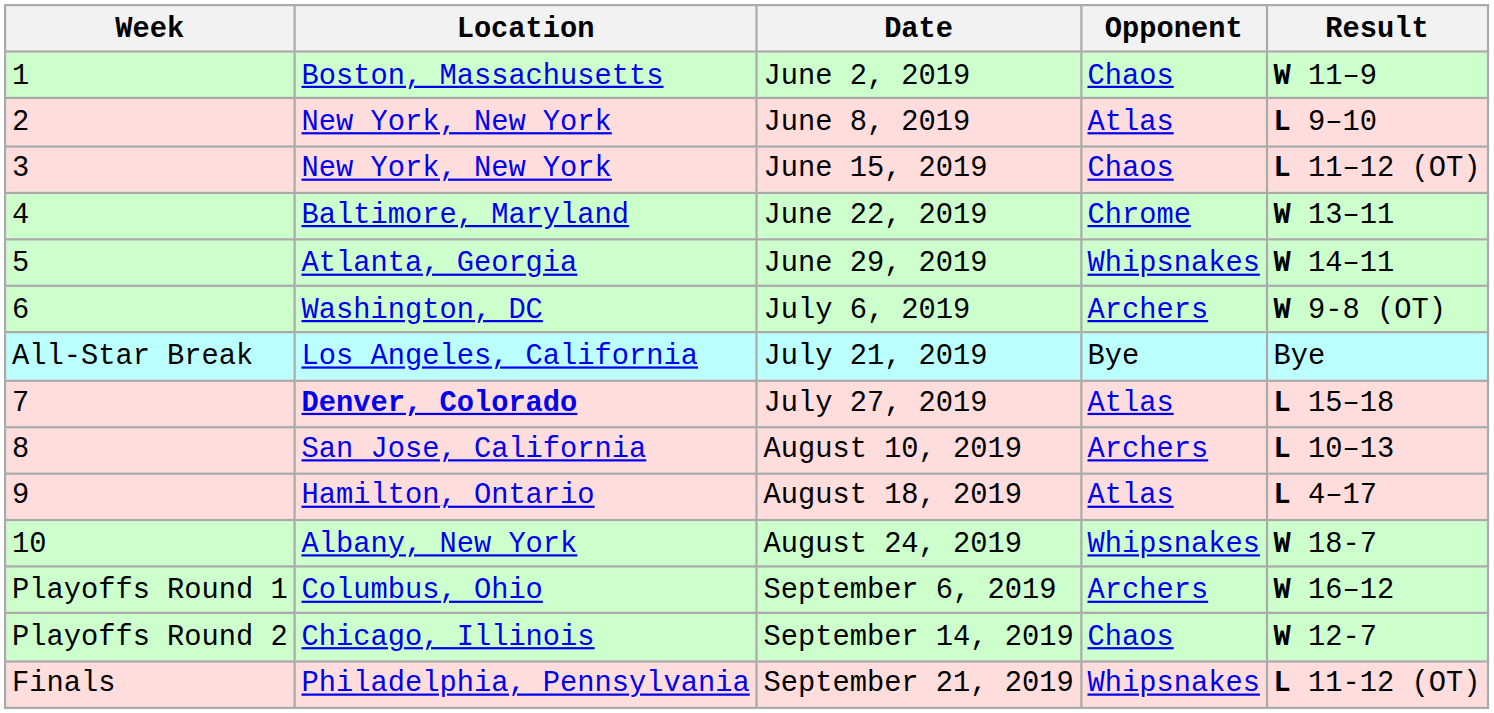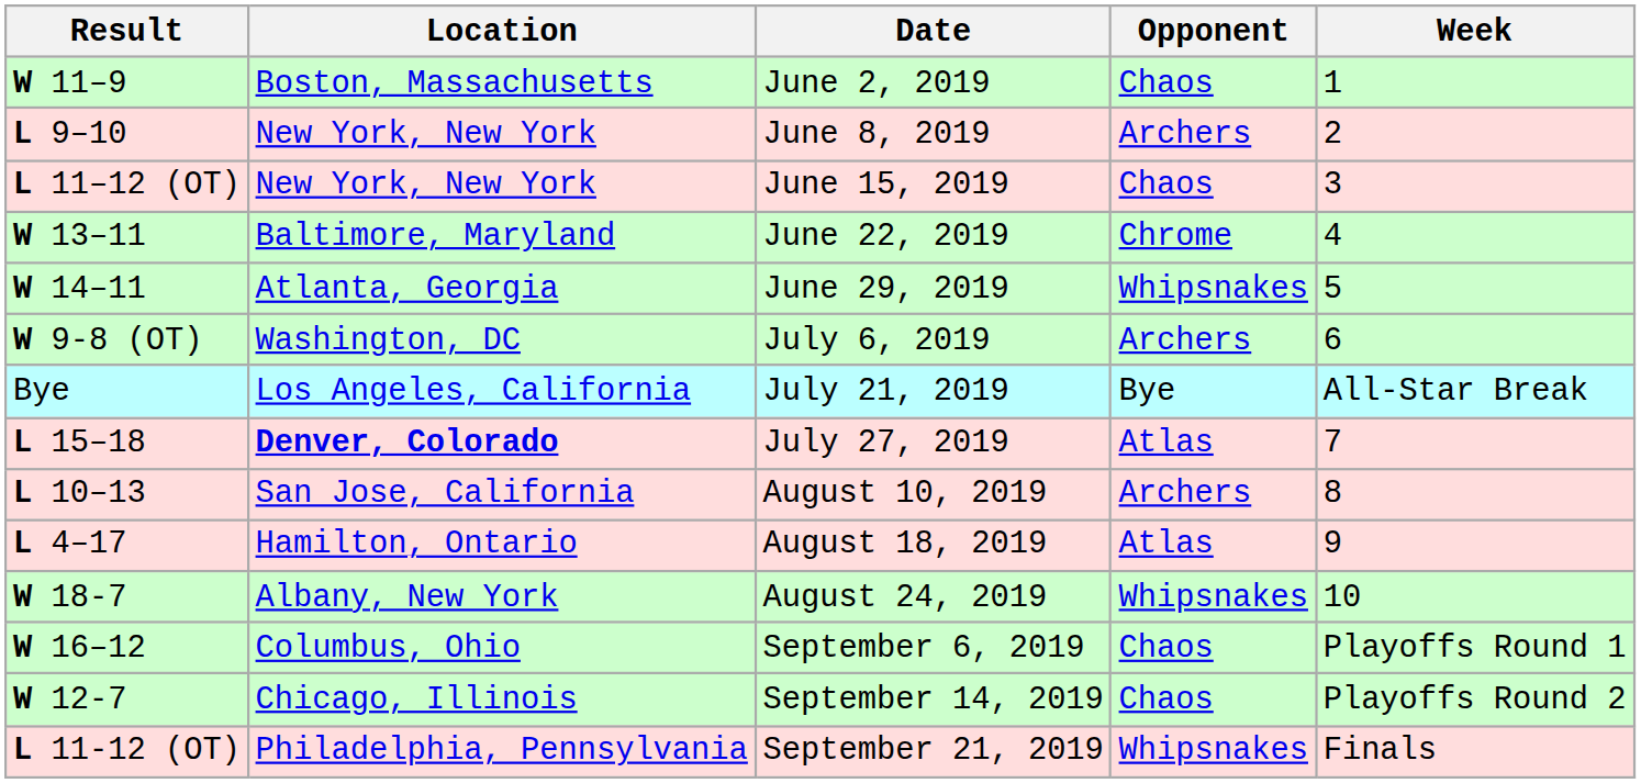 <table class="wikitable">
 <tr>
-<th>Week</th>
+<th>Result</th>
 <th>Location</th>
 <th>Date</th>
 <th>Opponent</th>
-<th>Result</th>
+<th>Week</th>
 </tr>
 <tr bgcolor="#CCFFCC">
-<td>1</td>
+<td><strong>W</strong> 11–9</td>
 <td><a href='#'>Boston, Massachusetts</a></td>
 <td>June 2, 2019</td>
 <td><a href='#'>Chaos</a></td>
-<td><strong>W</strong> 11–9</td>
+<td>1</td>
 </tr>
 <tr bgcolor="#FFDDDD">
-<td>2</td>
+<td><strong>L</strong> 9–10</td>
 <td><a href='#'>New York, New York</a></td>
 <td>June 8, 2019</td>
-<td><a href='#'>Atlas</a></td>
-<td><strong>L</strong> 9–10</td>
+<td><a href='#'>Archers</a></td>
+<td>2</td>
 </tr>
 <tr bgcolor="#FFDDDD">
-<td>3</td>
+<td><strong>L</strong> 11–12 (OT)</td>
 <td><a href='#'>New York, New York</a></td>
 <td>June 15, 2019</td>
 <td><a href='#'>Chaos</a></td>
-<td><strong>L</strong> 11–12 (OT)</td>
+<td>3</td>
 </tr>
 <tr bgcolor="#CCFFCC">
-<td>4</td>
+<td><strong>W</strong> 13–11</td>
 <td><a href='#'>Baltimore, Maryland</a></td>
 <td>June 22, 2019</td>
 <td><a href='#'>Chrome</a></td>
-<td><strong>W</strong> 13–11</td>
+<td>4</td>
 </tr>
 <tr bgcolor="#CCFFCC">
-<td>5</td>
+<td><strong>W</strong> 14–11</td>
 <td><a href='#'>Atlanta, Georgia</a></td>
 <td>June 29, 2019</td>
 <td><a href='#'>Whipsnakes</a></td>
-<td><strong>W</strong> 14–11</td>
+<td>5</td>
 </tr>
 <tr bgcolor="#CCFFCC">
-<td>6</td>
+<td><strong>W</strong> 9-8 (OT)</td>
 <td><a href='#'>Washington, DC</a></td>
 <td>July 6, 2019</td>
 <td><a href='#'>Archers</a></td>
-<td><strong>W</strong> 9-8 (OT)</td>
+<td>6</td>
 </tr>
 <tr style=background:#bff>
-<td>All-Star Break</td>
+<td>Bye</td>
 <td><a href='#'>Los Angeles, California</a></td>
 <td>July 21, 2019</td>
 <td>Bye</td>
-<td>Bye</td>
+<td>All-Star Break</td>
 </tr>
 <tr bgcolor="#FFDDDD">
-<td>7</td>
+<td><strong>L</strong> 15–18</td>
 <td><strong><a href='#'>Denver, Colorado</a></strong></td>
 <td>July 27, 2019</td>
 <td><a href='#'>Atlas</a></td>
-<td><strong>L</strong> 15–18</td>
+<td>7</td>
 </tr>
 <tr bgcolor="#FFDDDD">
-<td>8</td>
+<td><strong>L</strong> 10–13</td>
 <td><a href='#'>San Jose, California</a></td>
 <td>August 10, 2019</td>
 <td><a href='#'>Archers</a></td>
-<td><strong>L</strong> 10–13</td>
+<td>8</td>
 </tr>
 <tr bgcolor="#FFDDDD">
-<td>9</td>
+<td><strong>L</strong> 4–17</td>
 <td><a href='#'>Hamilton, Ontario</a></td>
 <td>August 18, 2019</td>
 <td><a href='#'>Atlas</a></td>
-<td><strong>L</strong> 4–17</td>
+<td>9</td>
 </tr>
 <tr bgcolor="#CCFFCC">
-<td>10</td>
+<td><strong>W</strong> 18-7</td>
 <td><a href='#'>Albany, New York</a></td>
 <td>August 24, 2019</td>
 <td><a href='#'>Whipsnakes</a></td>
-<td><strong>W</strong> 18-7</td>
+<td>10</td>
 </tr>
 <tr bgcolor="#CCFFCC">
-<td>Playoffs Round 1</td>
+<td><strong>W</strong> 16–12</td>
 <td><a href='#'>Columbus, Ohio</a></td>
 <td>September 6, 2019</td>
-<td><a href='#'>Archers</a></td>
-<td><strong>W</strong> 16–12</td>
+<td><a href='#'>Chaos</a></td>
+<td>Playoffs Round 1</td>
 </tr>
 <tr bgcolor="#CCFFCC">
-<td>Playoffs Round 2</td>
+<td><strong>W</strong> 12-7</td>
 <td><a href='#'>Chicago, Illinois</a></td>
 <td>September 14, 2019</td>
 <td><a href='#'>Chaos</a></td>
-<td><strong>W</strong> 12-7</td>
+<td>Playoffs Round 2</td>
 </tr>
 <tr bgcolor="#FFDDDD">
-<td>Finals</td>
+<td><strong>L</strong> 11-12 (OT)</td>
 <td><a href='#'>Philadelphia, Pennsylvania</a></td>
 <td>September 21, 2019</td>
 <td><a href='#'>Whipsnakes</a></td>
-<td><strong>L</strong> 11-12 (OT)</td>
+<td>Finals</td>
 </tr>
 </table>
